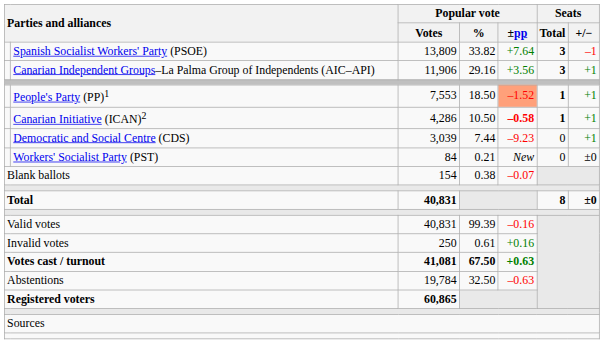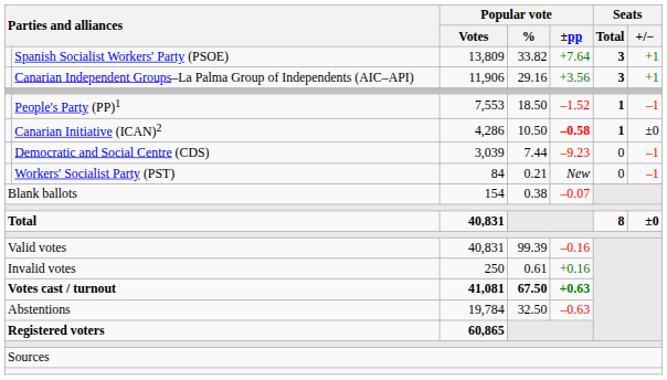 <table class="wikitable" style="text-align:right;">
 <tr>
 <th style="text-align:left;" rowspan="2" colspan="2" width="525">Parties and alliances</th>
 <th colspan="3">Popular vote</th>
 <th colspan="2">Seats</th>
 </tr>
 <tr>
 <th width="75">Votes</th>
 <th width="45">%</th>
 <th width="45">±<a href='#'>pp</a></th>
 <th width="35">Total</th>
 <th width="35">+/−</th>
 </tr>
 <tr>
 <td width="1" style="color:inherit;background:"></td>
 <td align="left"><a href='#'>Spanish Socialist Workers' Party</a> (PSOE)</td>
 <td>13,809</td>
 <td>33.82</td>
 <td style="color:green;">+7.64</td>
 <td><strong>3</strong></td>
-<td style="color:red;">–1</td>
+<td style="color:green;">+1</td>
 </tr>
 <tr>
 <td style="color:inherit;background:"></td>
 <td align="left"><a href='#'>Canarian Independent Groups</a>–La Palma Group of Independents (AIC–API)</td>
 <td>11,906</td>
 <td>29.16</td>
 <td style="color:green;">+3.56</td>
 <td><strong>3</strong></td>
 <td style="color:green;">+1</td>
 </tr>
 <tr>
 <td colspan="7" bgcolor="#C0C0C0"></td>
 </tr>
 <tr>
 <td style="color:inherit;background:"></td>
 <td align="left"><a href='#'>People's Party</a> (PP)<sup>1</sup></td>
 <td>7,553</td>
 <td>18.50</td>
-<td style="background: lightsalmon; color:red;">–1.52</td>
+<td style="color:red;">–1.52</td>
 <td><strong>1</strong></td>
-<td style="color:green;">+1</td>
+<td style="color:red;">–1</td>
 </tr>
 <tr>
 <td style="color:inherit;background:"></td>
 <td align="left"><a href='#'>Canarian Initiative</a> (ICAN)<sup>2</sup></td>
 <td>4,286</td>
 <td>10.50</td>
 <td style="color:red;"><strong>–0.58</strong></td>
 <td><strong>1</strong></td>
-<td style="color:green;">+1</td>
+<td>±0</td>
 </tr>
 <tr>
 <td style="color:inherit;background:"></td>
 <td align="left"><a href='#'>Democratic and Social Centre</a> (CDS)</td>
 <td>3,039</td>
 <td>7.44</td>
 <td style="color:red;">–9.23</td>
 <td>0</td>
-<td style="color:green;">+1</td>
+<td style="color:red;">–1</td>
 </tr>
 <tr>
 <td style="color:inherit;background:"></td>
 <td align="left"><a href='#'>Workers' Socialist Party</a> (PST)</td>
 <td>84</td>
 <td>0.21</td>
 <td><em>New</em></td>
 <td>0</td>
-<td>±0</td>
+<td style="color:red;">–1</td>
 </tr>
 <tr>
 <td align="left" colspan="2">Blank ballots</td>
 <td>154</td>
 <td>0.38</td>
 <td style="color:red;">–0.07</td>
 <td bgcolor="#E9E9E9" colspan="2"></td>
 </tr>
 <tr>
 <td colspan="7" bgcolor="#E9E9E9"></td>
 </tr>
 <tr style="font-weight:bold;">
 <td align="left" colspan="2">Total</td>
 <td>40,831</td>
 <td bgcolor="#E9E9E9" colspan="2"></td>
 <td>8</td>
 <td>±0</td>
 </tr>
 <tr>
 <td colspan="7" bgcolor="#E9E9E9"></td>
 </tr>
 <tr>
 <td align="left" colspan="2">Valid votes</td>
 <td>40,831</td>
 <td>99.39</td>
 <td style="color:red;">–0.16</td>
 <td bgcolor="#E9E9E9" colspan="2" rowspan="5"></td>
 </tr>
 <tr>
 <td align="left" colspan="2">Invalid votes</td>
 <td>250</td>
 <td>0.61</td>
 <td style="color:green;">+0.16</td>
 </tr>
 <tr style="font-weight:bold;">
 <td align="left" colspan="2">Votes cast / turnout</td>
 <td>41,081</td>
 <td>67.50</td>
 <td style="color:green;">+0.63</td>
 </tr>
 <tr>
 <td align="left" colspan="2">Abstentions</td>
 <td>19,784</td>
 <td>32.50</td>
 <td style="color:red;">–0.63</td>
 </tr>
 <tr style="font-weight:bold;">
 <td align="left" colspan="2">Registered voters</td>
 <td>60,865</td>
 <td bgcolor="#E9E9E9" colspan="2"></td>
 </tr>
 <tr>
 <td colspan="7" bgcolor="#E9E9E9"></td>
 </tr>
 <tr>
 <td align="left" colspan="7">Sources</td>
 </tr>
 <tr>
 <td colspan="7" style="text-align:left; max-width:790px;"></td>
 </tr>
 </table>
